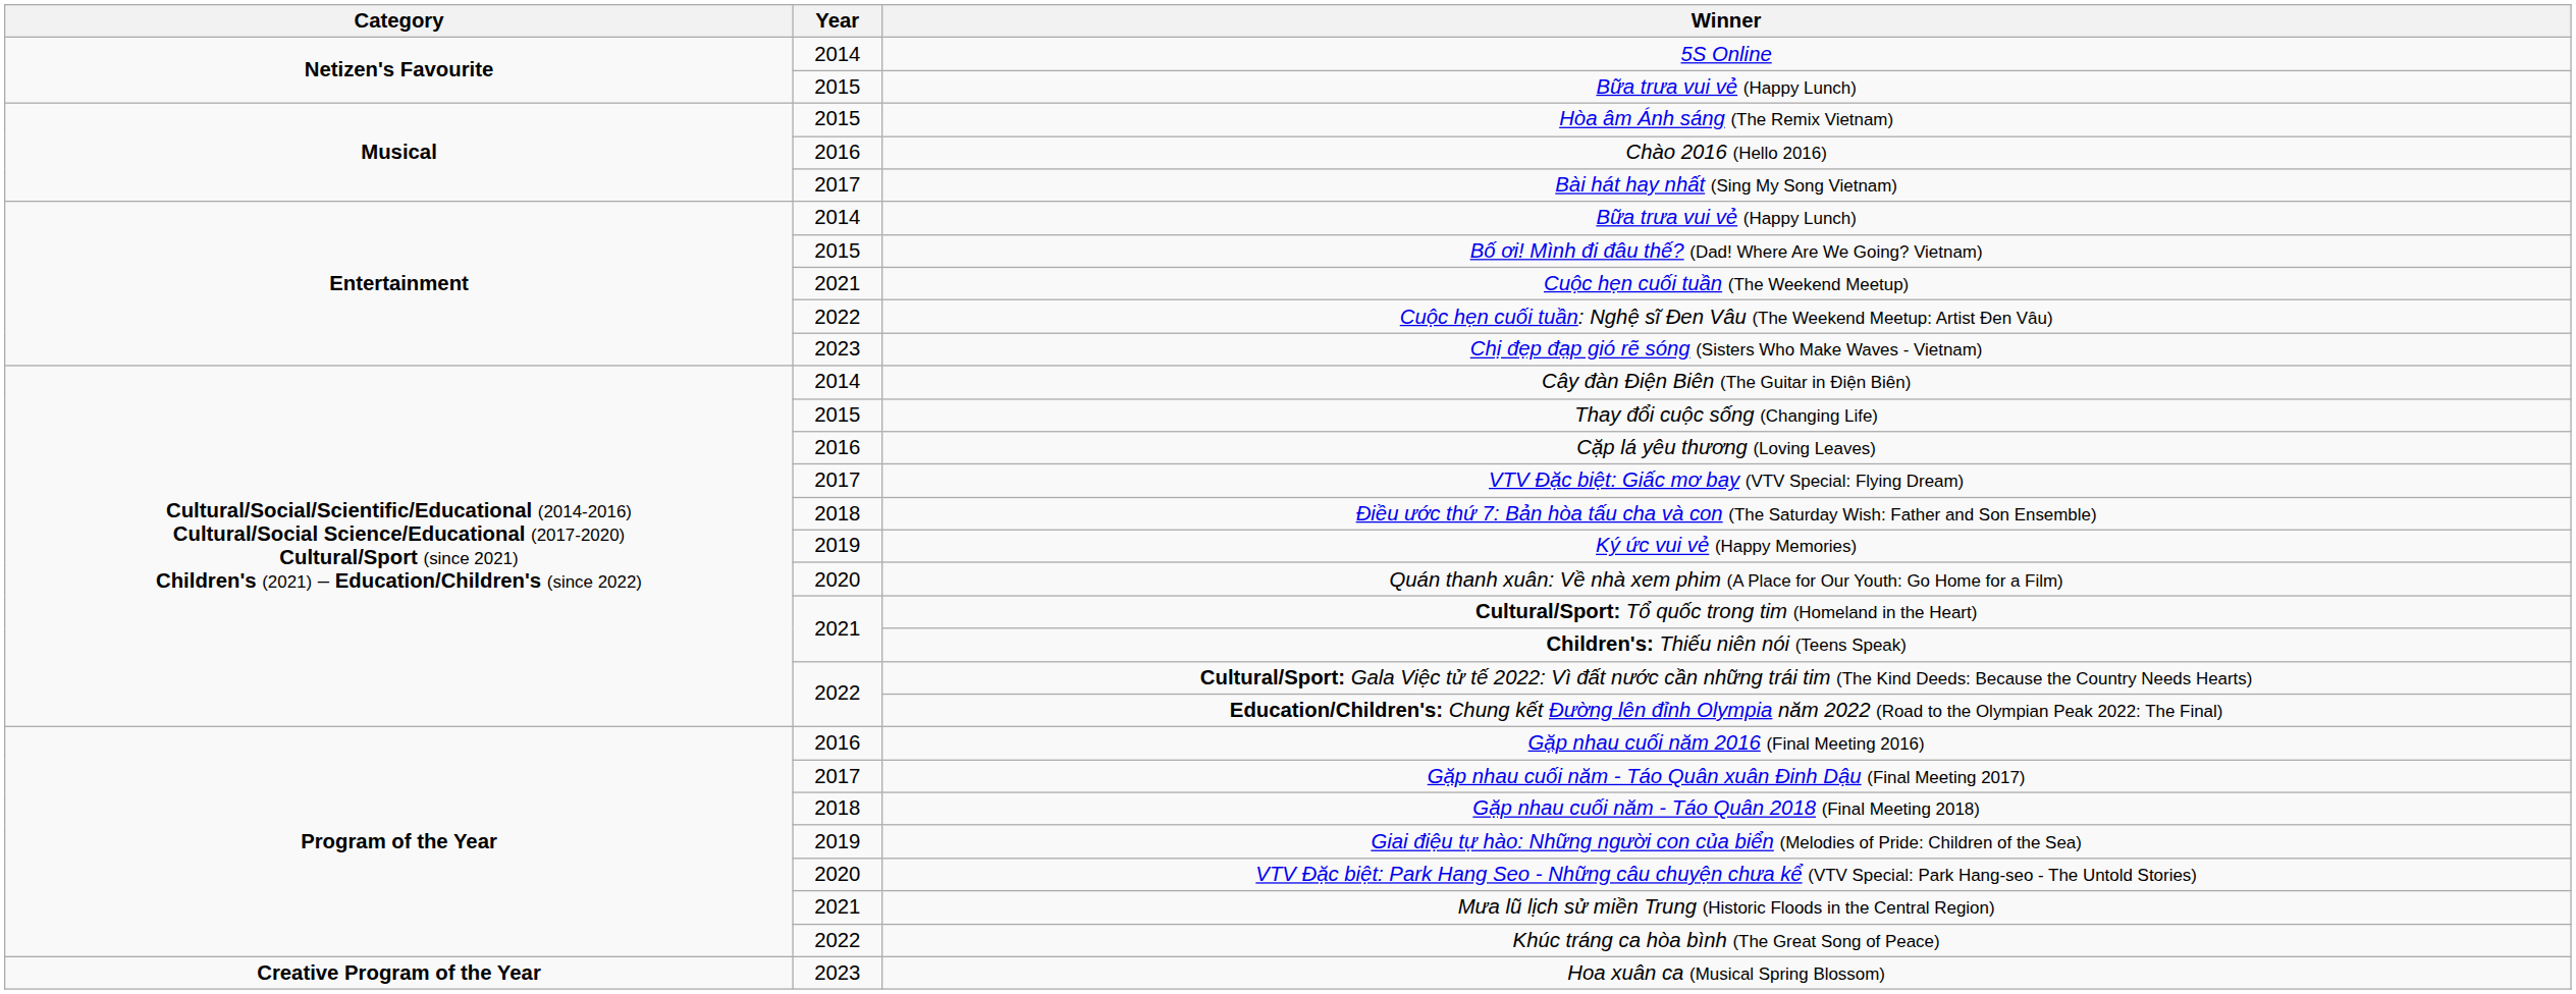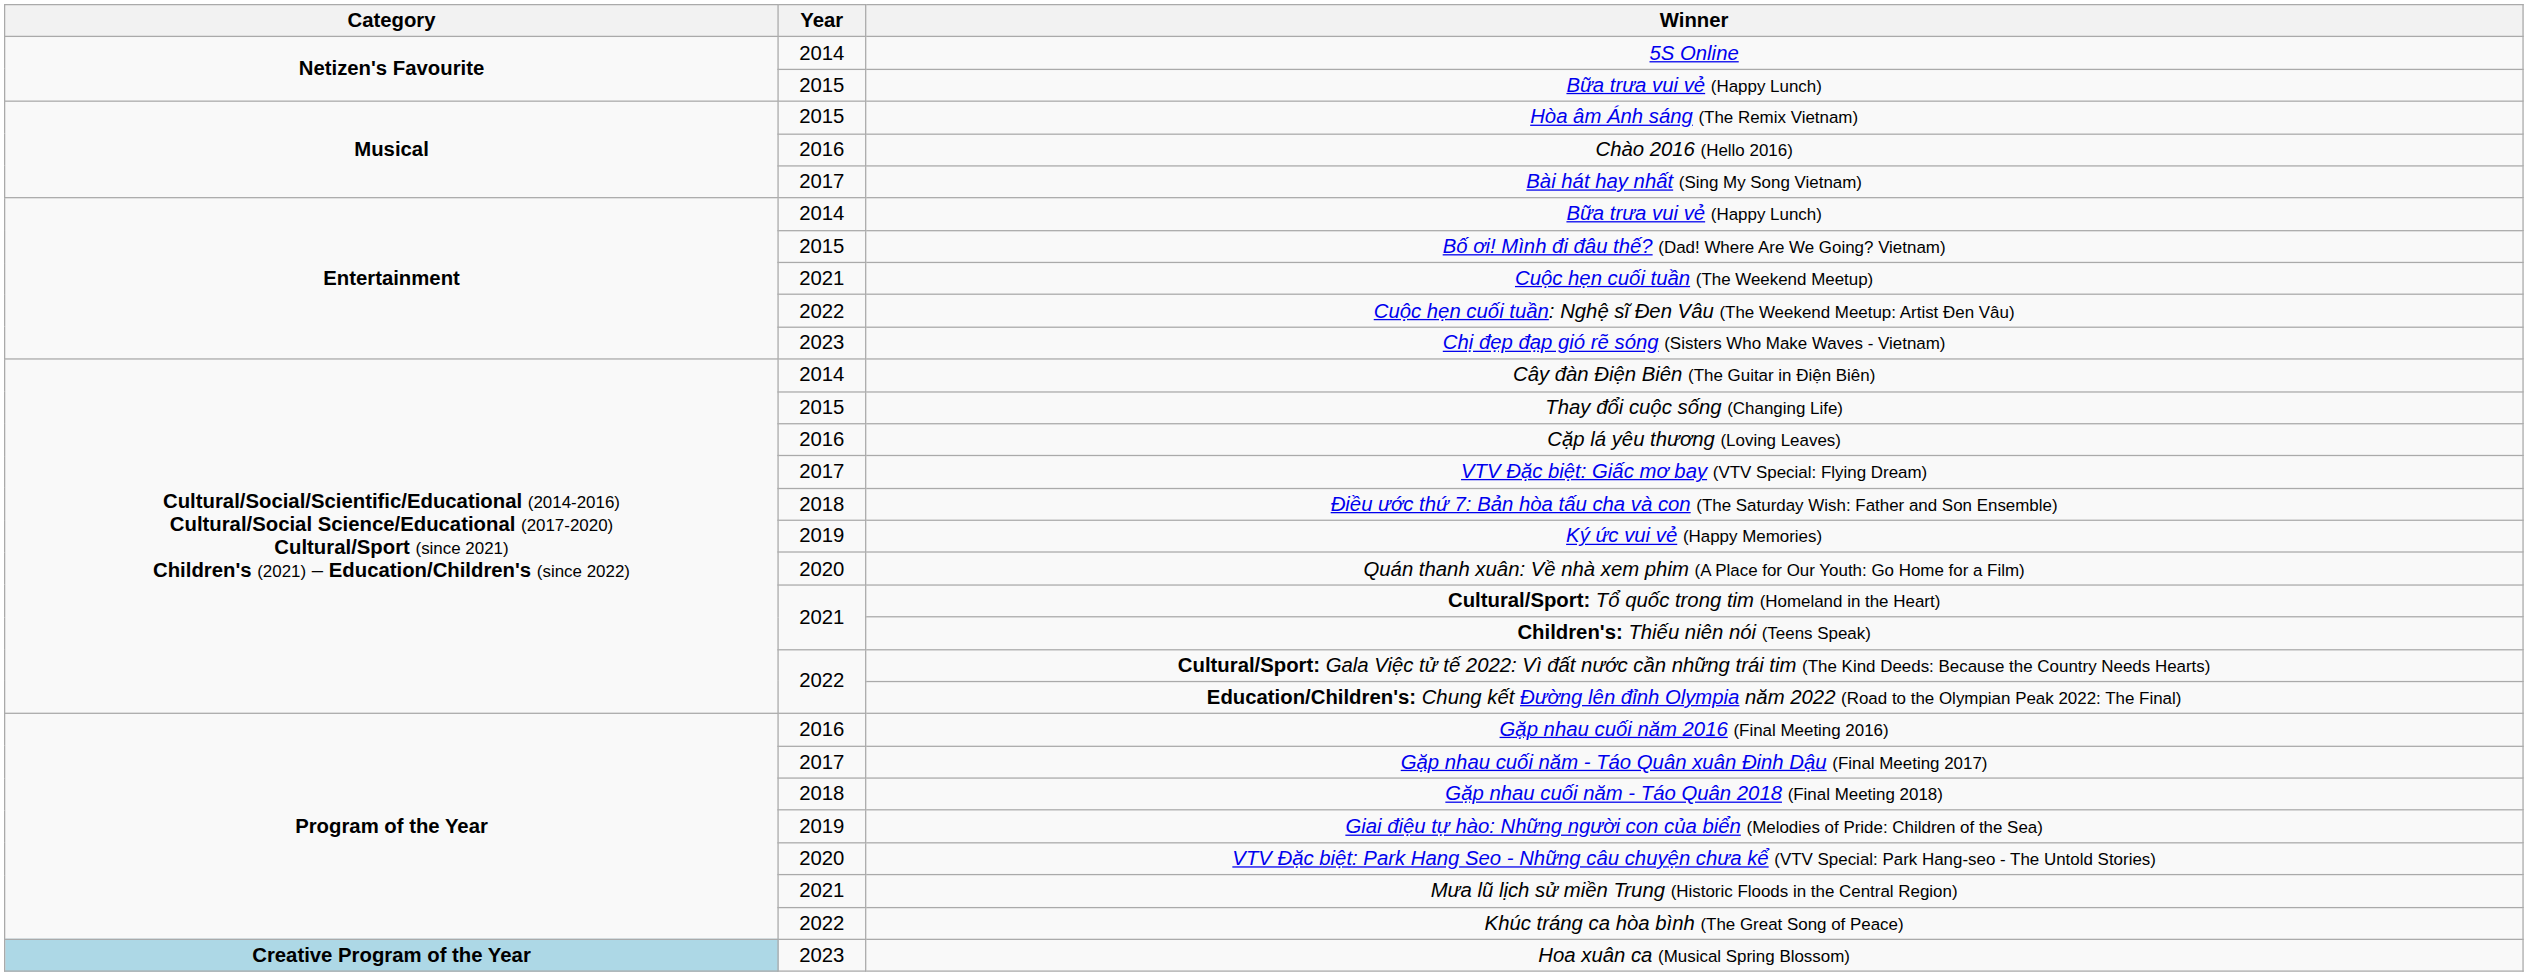 <table class="wikitable" style="text-align: center; width:100%">
 <tr>
 <th>Category</th>
 <th>Year</th>
 <th>Winner</th>
 </tr>
 <tr>
 <td rowspan="2"><strong>Netizen's Favourite</strong></td>
 <td>2014</td>
 <td><em><a href='#'>5S Online</a></em></td>
 </tr>
 <tr>
 <td>2015</td>
 <td><em><a href='#'>Bữa trưa vui vẻ</a></em> <small>(Happy Lunch)</small></td>
 </tr>
 <tr>
 <td rowspan="3"><strong>Musical</strong></td>
 <td>2015</td>
 <td><em><a href='#'>Hòa âm Ánh sáng</a></em> <small>(The Remix Vietnam)</small></td>
 </tr>
 <tr>
 <td>2016</td>
 <td><em>Chào 2016</em> <small>(Hello 2016)</small></td>
 </tr>
 <tr>
 <td>2017</td>
 <td><em><a href='#'>Bài hát hay nhất</a></em> <small>(Sing My Song Vietnam)</small></td>
 </tr>
 <tr>
 <td rowspan="5"><strong>Entertainment</strong></td>
 <td>2014</td>
 <td><em><a href='#'>Bữa trưa vui vẻ</a></em> <small>(Happy Lunch)</small></td>
 </tr>
 <tr>
 <td>2015</td>
 <td><em><a href='#'>Bố ơi! Mình đi đâu thế?</a></em> <small>(Dad! Where Are We Going? Vietnam)</small></td>
 </tr>
 <tr>
 <td>2021</td>
 <td><em><a href='#'>Cuộc hẹn cuối tuần</a></em> <small>(The Weekend Meetup)</small></td>
 </tr>
 <tr>
 <td>2022</td>
 <td><em><a href='#'>Cuộc hẹn cuối tuần</a>: Nghệ sĩ Đen Vâu</em> <small>(The Weekend Meetup: Artist Đen Vâu)</small></td>
 </tr>
 <tr>
 <td>2023</td>
 <td><em><a href='#'>Chị đẹp đạp gió rẽ sóng</a></em> <small>(Sisters Who Make Waves - Vietnam)</small></td>
 </tr>
 <tr>
 <td rowspan="11"><strong>Cultural/Social/Scientific/Educational</strong> <small>(2014-2016)</small><br><strong>Cultural/Social Science/Educational</strong> <small>(2017-2020)</small><br><strong>Cultural/Sport</strong> <small>(since 2021)</small><br><strong>Children's</strong> <small>(2021)</small> – <strong>Education/Children's</strong> <small>(since 2022)</small></td>
 <td>2014</td>
 <td><em>Cây đàn Điện Biên</em> <small>(The Guitar in Điện Biên)</small></td>
 </tr>
 <tr>
 <td>2015</td>
 <td><em>Thay đổi cuộc sống</em> <small>(Changing Life)</small></td>
 </tr>
 <tr>
 <td>2016</td>
 <td><em>Cặp lá yêu thương</em> <small>(Loving Leaves)</small></td>
 </tr>
 <tr>
 <td>2017</td>
 <td><em><a href='#'>VTV Đặc biệt: Giấc mơ bay</a></em> <small>(VTV Special: Flying Dream)</small></td>
 </tr>
 <tr>
 <td>2018</td>
 <td><em><a href='#'>Điều ước thứ 7: Bản hòa tấu cha và con</a></em> <small>(The Saturday Wish: Father and Son Ensemble)</small></td>
 </tr>
 <tr>
 <td>2019</td>
 <td><em><a href='#'>Ký ức vui vẻ</a></em> <small>(Happy Memories)</small></td>
 </tr>
 <tr>
 <td>2020</td>
 <td><em>Quán thanh xuân: Về nhà xem phim</em> <small>(A Place for Our Youth: Go Home for a Film)</small></td>
 </tr>
 <tr>
 <td rowspan="2">2021</td>
 <td><strong>Cultural/Sport:</strong> <em>Tổ quốc trong tim</em> <small>(Homeland in the Heart)</small></td>
 </tr>
 <tr>
 <td><strong>Children's:</strong> <em>Thiếu niên nói</em> <small>(Teens Speak)</small></td>
 </tr>
 <tr>
 <td rowspan="2">2022</td>
 <td><strong>Cultural/Sport:</strong> <em>Gala Việc tử tế 2022: Vì đất nước cần những trái tim</em> <small>(The Kind Deeds: Because the Country Needs Hearts)</small></td>
 </tr>
 <tr>
 <td><strong>Education/Children's:</strong> <em>Chung kết <a href='#'>Đường lên đỉnh Olympia</a> năm 2022</em> <small>(Road to the Olympian Peak 2022: The Final)</small></td>
 </tr>
 <tr>
 <td rowspan="7"><strong>Program of the Year</strong></td>
 <td>2016</td>
 <td><em><a href='#'>Gặp nhau cuối năm 2016</a></em> <small>(Final Meeting 2016)</small></td>
 </tr>
 <tr>
 <td>2017</td>
 <td><em><a href='#'>Gặp nhau cuối năm - Táo Quân xuân Đinh Dậu</a></em> <small>(Final Meeting 2017)</small></td>
 </tr>
 <tr>
 <td>2018</td>
 <td><em><a href='#'>Gặp nhau cuối năm - Táo Quân 2018</a></em> <small>(Final Meeting 2018)</small></td>
 </tr>
 <tr>
 <td>2019</td>
 <td><em><a href='#'>Giai điệu tự hào: Những người con của biển</a></em> <small>(Melodies of Pride: Children of the Sea)</small></td>
 </tr>
 <tr>
 <td>2020</td>
 <td><em><a href='#'>VTV Đặc biệt: Park Hang Seo - Những câu chuyện chưa kể</a></em> <small>(VTV Special: Park Hang-seo - The Untold Stories)</small></td>
 </tr>
 <tr>
 <td>2021</td>
 <td><em>Mưa lũ lịch sử miền Trung</em> <small>(Historic Floods in the Central Region)</small></td>
 </tr>
 <tr>
 <td>2022</td>
 <td><em>Khúc tráng ca hòa bình</em> <small>(The Great Song of Peace)</small></td>
 </tr>
 <tr>
-<td><strong>Creative Program of the Year</strong></td>
+<td style="background: lightblue;"><strong>Creative Program of the Year</strong></td>
 <td>2023</td>
 <td><em>Hoa xuân ca</em> <small>(Musical Spring Blossom)</small></td>
 </tr>
 </table>
